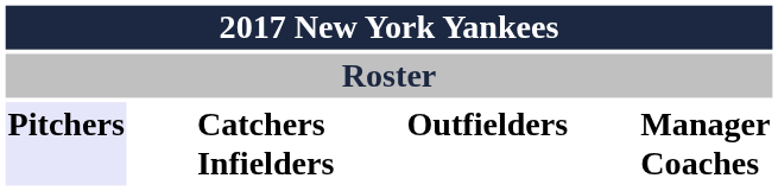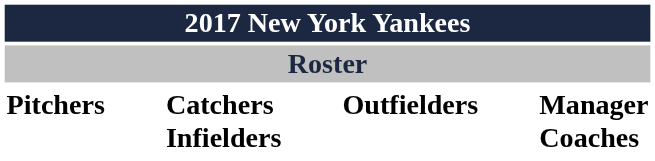 <table class="toccolours" style="font-size: 95%;">
 <tr>
 <th colspan="10" style="background:#1c2841; color:white; text-align:center;">2017 New York Yankees</th>
 </tr>
 <tr>
 <td colspan="10" style="background:silver; color:#1c2841; text-align:center;"><strong>Roster</strong></td>
 </tr>
 <tr>
-<td valign="top" style="background: lavender;"><strong>Pitchers</strong><br>                        </td>
+<td valign="top"><strong>Pitchers</strong><br>                        </td>
 <td style="width:25px;"></td>
 <td valign="top"><strong>Catchers</strong><br>    <strong>Infielders</strong>              </td>
 <td style="width:25px;"></td>
 <td valign="top"><strong>Outfielders</strong><br>        </td>
 <td style="width:25px;"></td>
 <td valign="top"><strong>Manager</strong><br> <strong>Coaches</strong>                </td>
 </tr>
 </table>
